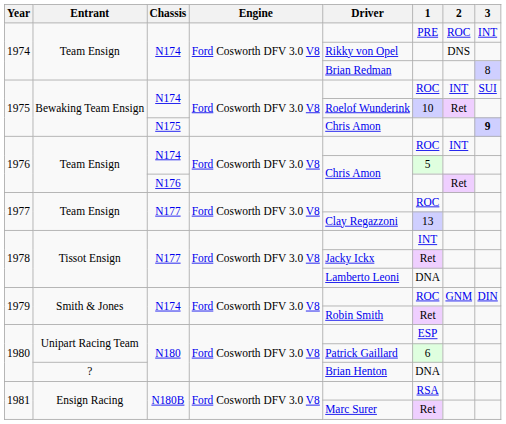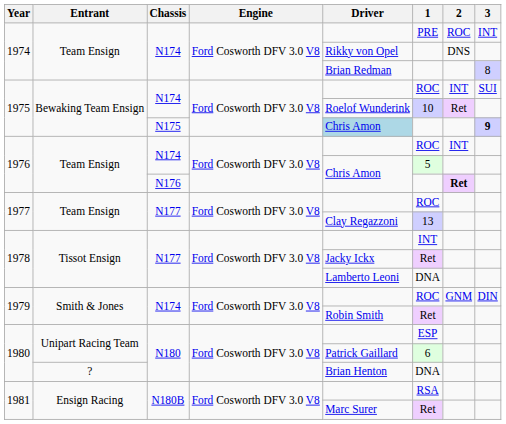 <table class="wikitable" style="text-align:center; font-size:85%">
 <tr>
 <th>Year</th>
 <th>Entrant</th>
 <th>Chassis</th>
 <th>Engine</th>
 <th>Driver</th>
 <th>1</th>
 <th>2</th>
 <th>3</th>
 </tr>
 <tr>
 <td rowspan="3">1974</td>
 <td rowspan="3">Team Ensign</td>
 <td rowspan="3"><a href='#'>N174</a></td>
 <td rowspan="3"><a href='#'>Ford</a> Cosworth DFV 3.0 <a href='#'>V8</a></td>
 <td></td>
 <td><a href='#'>PRE</a></td>
 <td><a href='#'>ROC</a></td>
 <td><a href='#'>INT</a></td>
 </tr>
 <tr>
 <td align=left> <a href='#'>Rikky von Opel</a></td>
 <td></td>
 <td>DNS</td>
 <td></td>
 </tr>
 <tr>
 <td align=left> <a href='#'>Brian Redman</a></td>
 <td></td>
 <td></td>
 <td style="background:#CFCFFF;">8</td>
 </tr>
 <tr>
 <td rowspan="3">1975</td>
 <td rowspan="3">Bewaking Team Ensign</td>
 <td rowspan="2"><a href='#'>N174</a></td>
 <td rowspan="3"><a href='#'>Ford</a> Cosworth DFV 3.0 <a href='#'>V8</a></td>
 <td></td>
 <td><a href='#'>ROC</a></td>
 <td><a href='#'>INT</a></td>
 <td><a href='#'>SUI</a></td>
 </tr>
 <tr>
 <td align=left> <a href='#'>Roelof Wunderink</a></td>
 <td style="background:#CFCFFF;">10</td>
 <td style="background:#EFCFFF;">Ret</td>
 <td></td>
 </tr>
 <tr>
 <td><a href='#'>N175</a></td>
-<td align=left> <a href='#'>Chris Amon</a></td>
+<td align=left style="background: lightblue;"> <a href='#'>Chris Amon</a></td>
 <td></td>
 <td></td>
 <td style="background:#CFCFFF;"><strong>9</strong></td>
 </tr>
 <tr>
 <td rowspan="3">1976</td>
 <td rowspan="3">Team Ensign</td>
 <td rowspan="2"><a href='#'>N174</a></td>
 <td rowspan="3"><a href='#'>Ford</a> Cosworth DFV 3.0 <a href='#'>V8</a></td>
 <td></td>
 <td><a href='#'>ROC</a></td>
 <td><a href='#'>INT</a></td>
 <td></td>
 </tr>
 <tr>
 <td rowspan="2" align=left> <a href='#'>Chris Amon</a></td>
 <td style="background:#DFFFDF;">5</td>
 <td></td>
 <td></td>
 </tr>
 <tr>
 <td><a href='#'>N176</a></td>
 <td></td>
-<td style="background:#EFCFFF;">Ret</td>
+<td style="background:#EFCFFF;"><strong>Ret</strong></td>
 <td></td>
 </tr>
 <tr>
 <td rowspan="2">1977</td>
 <td rowspan="2">Team Ensign</td>
 <td rowspan="2"><a href='#'>N177</a></td>
 <td rowspan="2"><a href='#'>Ford</a> Cosworth DFV 3.0 <a href='#'>V8</a></td>
 <td></td>
 <td><a href='#'>ROC</a></td>
 <td></td>
 <td></td>
 </tr>
 <tr>
 <td align=left> <a href='#'>Clay Regazzoni</a></td>
 <td style="background:#CFCFFF;">13</td>
 <td></td>
 <td></td>
 </tr>
 <tr>
 <td rowspan="3">1978</td>
 <td rowspan="3">Tissot Ensign</td>
 <td rowspan="3"><a href='#'>N177</a></td>
 <td rowspan="3"><a href='#'>Ford</a> Cosworth DFV 3.0 <a href='#'>V8</a></td>
 <td></td>
 <td><a href='#'>INT</a></td>
 <td></td>
 <td></td>
 </tr>
 <tr>
 <td align=left> <a href='#'>Jacky Ickx</a></td>
 <td style="background:#EFCFFF;">Ret</td>
 <td></td>
 <td></td>
 </tr>
 <tr>
 <td align=left> <a href='#'>Lamberto Leoni</a></td>
 <td>DNA</td>
 <td></td>
 <td></td>
 </tr>
 <tr>
 <td rowspan="2">1979</td>
 <td rowspan="2">Smith & Jones</td>
 <td rowspan="2"><a href='#'>N174</a></td>
 <td rowspan="2"><a href='#'>Ford</a> Cosworth DFV 3.0 <a href='#'>V8</a></td>
 <td></td>
 <td><a href='#'>ROC</a></td>
 <td><a href='#'>GNM</a></td>
 <td><a href='#'>DIN</a></td>
 </tr>
 <tr>
 <td align=left> <a href='#'>Robin Smith</a></td>
 <td style="background:#EFCFFF;">Ret</td>
 <td></td>
 <td></td>
 </tr>
 <tr>
 <td rowspan="3">1980</td>
 <td rowspan="2">Unipart Racing Team</td>
 <td rowspan="3"><a href='#'>N180</a></td>
 <td rowspan="3"><a href='#'>Ford</a> Cosworth DFV 3.0 <a href='#'>V8</a></td>
 <td></td>
 <td><a href='#'>ESP</a></td>
 <td></td>
 <td></td>
 </tr>
 <tr>
 <td align=left> <a href='#'>Patrick Gaillard</a></td>
 <td style="background:#DFFFDF;">6</td>
 <td></td>
 <td></td>
 </tr>
 <tr>
 <td>?</td>
 <td align=left> <a href='#'>Brian Henton</a></td>
 <td>DNA</td>
 <td></td>
 <td></td>
 </tr>
 <tr>
 <td rowspan="2">1981</td>
 <td rowspan="2">Ensign Racing</td>
 <td rowspan="2"><a href='#'>N180B</a></td>
 <td rowspan="2"><a href='#'>Ford</a> Cosworth DFV 3.0 <a href='#'>V8</a></td>
 <td></td>
 <td><a href='#'>RSA</a></td>
 <td></td>
 <td></td>
 </tr>
 <tr>
 <td align=left> <a href='#'>Marc Surer</a></td>
 <td style="background:#EFCFFF;">Ret</td>
 <td></td>
 <td></td>
 </tr>
 </table>
